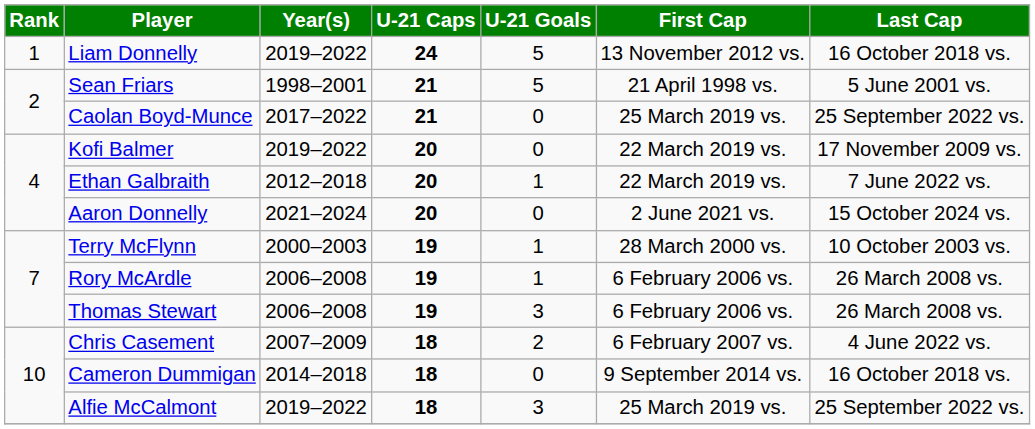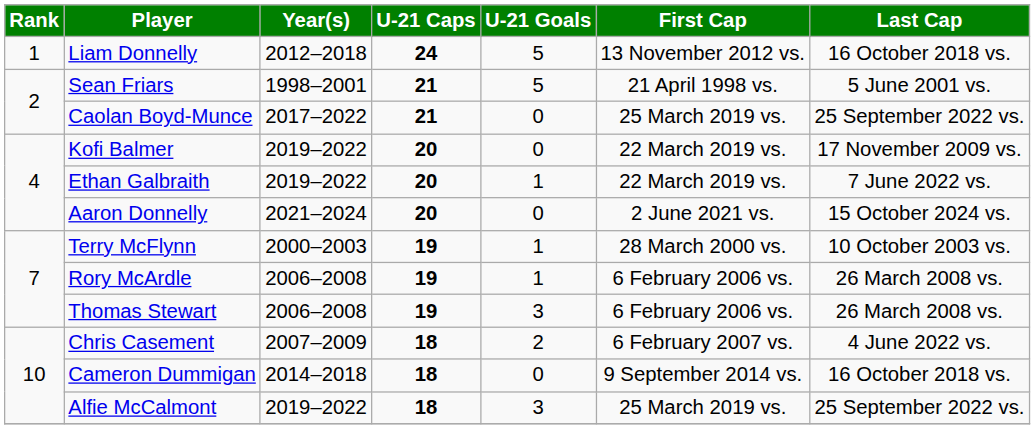 <table class="wikitable sortable" style="text-align: center;">
 <tr>
 <th style="background-color:#008000; color:white; ">Rank</th>
 <th style="background-color:#008000; color:white; ">Player</th>
 <th style="background-color:#008000; color:white; ">Year(s)</th>
 <th style="background-color:#008000; color:white; ">U-21 Caps</th>
 <th style="background-color:#008000; color:white; ">U-21 Goals</th>
 <th style="background-color:#008000; color:white; ">First Cap</th>
 <th style="background-color:#008000; color:white; ">Last Cap</th>
 </tr>
 <tr>
 <td>1</td>
 <td style="text-align:left;"><a href='#'>Liam Donnelly</a></td>
-<td>2019–2022</td>
+<td>2012–2018</td>
 <td><strong>24</strong></td>
 <td>5</td>
 <td>13 November 2012 vs. </td>
 <td>16 October 2018 vs. </td>
 </tr>
 <tr>
 <td rowspan="2">2</td>
 <td style="text-align:left;"><a href='#'>Sean Friars</a></td>
 <td>1998–2001</td>
 <td><strong>21</strong></td>
 <td>5</td>
 <td>21 April 1998 vs. </td>
 <td>5 June 2001 vs. </td>
 </tr>
 <tr>
 <td style="text-align:left;"><a href='#'>Caolan Boyd-Munce</a></td>
 <td>2017–2022</td>
 <td><strong>21</strong></td>
 <td>0</td>
 <td>25 March 2019 vs. </td>
 <td>25 September 2022 vs. </td>
 </tr>
 <tr>
 <td rowspan="3">4</td>
 <td style="text-align:left;"><a href='#'>Kofi Balmer</a></td>
 <td>2019–2022</td>
 <td><strong>20</strong></td>
 <td>0</td>
 <td>22 March 2019 vs. </td>
 <td>17 November 2009 vs. </td>
 </tr>
 <tr>
 <td align="left"><a href='#'>Ethan Galbraith</a></td>
-<td>2012–2018</td>
+<td>2019–2022</td>
 <td><strong>20</strong></td>
 <td>1</td>
 <td>22 March 2019 vs. </td>
 <td>7 June 2022 vs. </td>
 </tr>
 <tr>
 <td align="left"><a href='#'>Aaron Donnelly</a></td>
 <td>2021–2024</td>
 <td><strong>20</strong></td>
 <td>0</td>
 <td>2 June 2021 vs. </td>
 <td>15 October 2024 vs. </td>
 </tr>
 <tr>
 <td rowspan="3">7</td>
 <td style="text-align:left;"><a href='#'>Terry McFlynn</a></td>
 <td>2000–2003</td>
 <td><strong>19</strong></td>
 <td>1</td>
 <td>28 March 2000 vs. </td>
 <td>10 October 2003 vs. </td>
 </tr>
 <tr>
 <td style="text-align:left;"><a href='#'>Rory McArdle</a></td>
 <td>2006–2008</td>
 <td><strong>19</strong></td>
 <td>1</td>
 <td>6 February 2006 vs. </td>
 <td>26 March 2008 vs. </td>
 </tr>
 <tr>
 <td style="text-align:left;"><a href='#'>Thomas Stewart</a></td>
 <td>2006–2008</td>
 <td><strong>19</strong></td>
 <td>3</td>
 <td>6 February 2006 vs. </td>
 <td>26 March 2008 vs. </td>
 </tr>
 <tr>
 <td rowspan="3">10</td>
 <td style="text-align:left;"><a href='#'>Chris Casement</a></td>
 <td>2007–2009</td>
 <td><strong>18</strong></td>
 <td>2</td>
 <td>6 February 2007 vs. </td>
 <td>4 June 2022 vs. </td>
 </tr>
 <tr>
 <td style="text-align:left;"><a href='#'>Cameron Dummigan</a></td>
 <td>2014–2018</td>
 <td><strong>18</strong></td>
 <td>0</td>
 <td>9 September 2014 vs. </td>
 <td>16 October 2018 vs. </td>
 </tr>
 <tr>
 <td align="left"><a href='#'>Alfie McCalmont</a></td>
 <td>2019–2022</td>
 <td><strong>18</strong></td>
 <td>3</td>
 <td>25 March 2019 vs. </td>
 <td>25 September 2022 vs. </td>
 </tr>
 <tr>
 </tr>
 </table>
